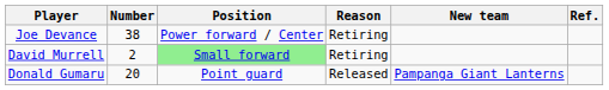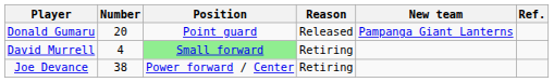 <table class="wikitable sortable sortable">
 <tr>
 <th>Player</th>
 <th>Number</th>
 <th>Position</th>
 <th>Reason</th>
 <th>New team</th>
 <th>Ref.</th>
 </tr>
 <tr style="text-align: center">
+<td><a href='#'>Donald Gumaru</a></td>
+<td>20</td>
+<td><a href='#'>Point guard</a></td>
+<td>Released</td>
+<td><a href='#'>Pampanga Giant Lanterns</a> </td>
+<td></td>
+</tr>
+<tr style="text-align: center">
+<td><a href='#'>David Murrell</a></td>
+<td>4</td>
+<td style="background: lightgreen;"><a href='#'>Small forward</a></td>
+<td>Retiring</td>
+<td></td>
+<td></td>
+</tr>
+<tr style="text-align: center">
 <td><a href='#'>Joe Devance</a></td>
 <td>38</td>
 <td><a href='#'>Power forward</a> / <a href='#'>Center</a></td>
 <td>Retiring</td>
 <td></td>
 <td></td>
 </tr>
-<tr style="text-align: center">
-<td><a href='#'>David Murrell</a></td>
-<td>2</td>
-<td style="background: lightgreen;"><a href='#'>Small forward</a></td>
-<td>Retiring</td>
-<td></td>
-<td></td>
-</tr>
-<tr style="text-align: center">
-<td><a href='#'>Donald Gumaru</a></td>
-<td>20</td>
-<td><a href='#'>Point guard</a></td>
-<td>Released</td>
-<td><a href='#'>Pampanga Giant Lanterns</a> </td>
-<td></td>
-</tr>
 </table>
